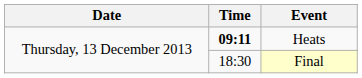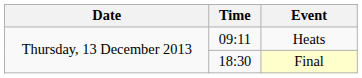 <table class = "wikitable" style="text-align:center;">
 <tr>
 <th width=220>Date</th>
 <th width=50>Time</th>
 <th width=100>Event</th>
 </tr>
 <tr>
 <td rowspan=2>Thursday, 13 December 2013</td>
-<td><strong>09:11</strong></td>
+<td>09:11</td>
 <td>Heats</td>
 </tr>
 <tr>
 <td>18:30</td>
 <td bgcolor=ffffcc>Final</td>
 </tr>
 </table>
